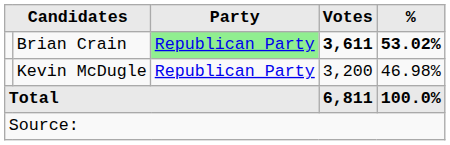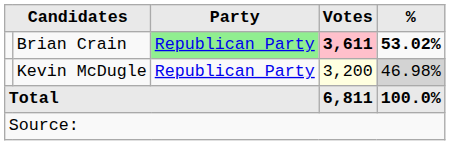 <table class=wikitable style="font-size:95%; text-align:right;">
 <tr>
 <th style="background:#e9e9e9; text-align:center;" colspan="2">Candidates</th>
 <th style="background:#e9e9e9; text-align:center;">Party</th>
 <th style="background:#e9e9e9; text-align:center;">Votes</th>
 <th style="background:#e9e9e9; text-align:center;">%</th>
 </tr>
 <tr>
 <td></td>
 <td align=left>Brian Crain</td>
 <td align=center style="background: lightgreen;"><a href='#'>Republican Party</a></td>
-<td><strong>3,611</strong></td>
+<td style="background: pink;"><strong>3,611</strong></td>
 <td><strong>53.02%</strong></td>
 </tr>
 <tr>
 <td></td>
 <td align=left>Kevin McDugle</td>
 <td align=center><a href='#'>Republican Party</a></td>
-<td>3,200</td>
-<td>46.98%</td>
+<td style="background: lightyellow;">3,200</td>
+<td style="background: lightgrey;">46.98%</td>
 </tr>
 <tr style="background:#e9e9e9;">
 <td colspan="3" style="text-align:left; "><strong>Total</strong></td>
 <td><strong>6,811</strong></td>
 <td><strong>100.0%</strong></td>
 </tr>
 <tr>
 <td style="text-align:left;" colspan="6">Source: </td>
 </tr>
 </table>
